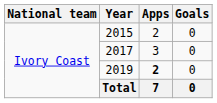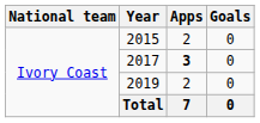 <table class="wikitable" style="text-align:center">
 <tr>
 <th>National team</th>
 <th>Year</th>
 <th>Apps</th>
 <th>Goals</th>
 </tr>
 <tr>
 <td rowspan="4"><a href='#'>Ivory Coast</a></td>
 <td>2015</td>
 <td>2</td>
 <td>0</td>
 </tr>
 <tr>
 <td>2017</td>
-<td>3</td>
+<td><strong>3</strong></td>
 <td>0</td>
 </tr>
 <tr>
 <td>2019</td>
-<td><strong>2</strong></td>
+<td>2</td>
 <td>0</td>
 </tr>
 <tr>
 <th>Total</th>
 <th>7</th>
 <th>0</th>
 </tr>
 </table>
